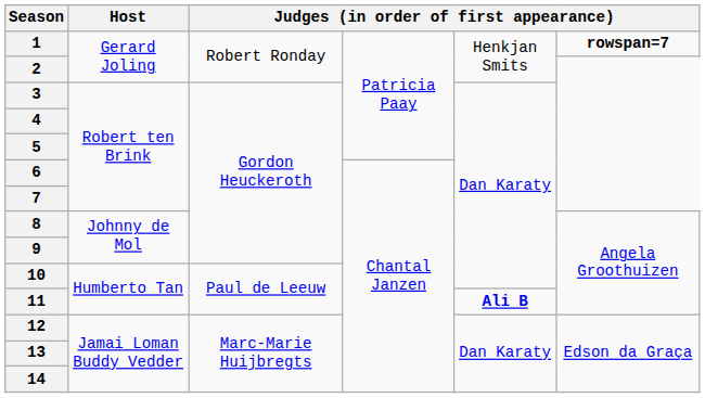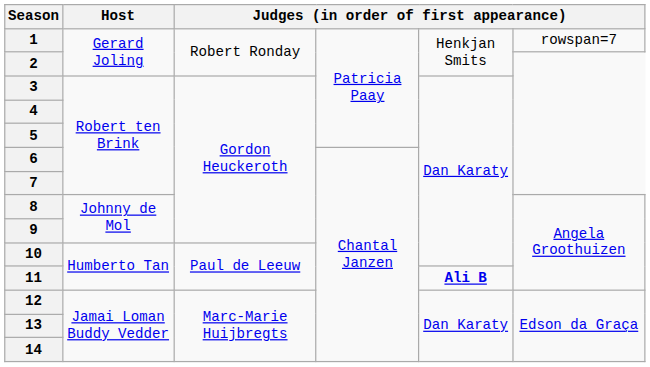 <table class="wikitable" style="margin-left: auto; margin-right: auto; border: none; text-align:center; font-size:90%; width: 60%;">
 <tr>
 <th>Season</th>
 <th>Host</th>
 <th colspan="4">Judges (in order of first appearance)</th>
 </tr>
 <tr>
 <th scope="row">1</th>
 <td rowspan="2"><a href='#'>Gerard Joling</a></td>
 <td rowspan="2">Robert Ronday</td>
 <td rowspan="5"><a href='#'>Patricia Paay</a></td>
 <td rowspan="2">Henkjan Smits</td>
-<td><strong>rowspan=7 </strong></td>
+<td>rowspan=7 </td>
 </tr>
 <tr>
 <th scope="row">2</th>
 </tr>
 <tr>
 <th scope="row">3</th>
 <td rowspan="5"><a href='#'>Robert ten Brink</a></td>
 <td rowspan="7"><a href='#'>Gordon Heuckeroth</a></td>
 <td rowspan="8"><a href='#'>Dan Karaty</a></td>
 </tr>
 <tr>
 <th scope="row">4</th>
 </tr>
 <tr>
 <th scope="row">5</th>
 </tr>
 <tr>
 <th scope="row">6</th>
 <td rowspan="9"><a href='#'>Chantal Janzen</a></td>
 </tr>
 <tr>
 <th scope="row">7</th>
 </tr>
 <tr>
 <th scope="row">8</th>
 <td rowspan="2"><a href='#'>Johnny de Mol</a></td>
 <td rowspan="4"><a href='#'>Angela Groothuizen</a></td>
 </tr>
 <tr>
 <th scope="row">9</th>
 </tr>
 <tr>
 <th scope="row">10</th>
 <td rowspan="2"><a href='#'>Humberto Tan</a></td>
 <td rowspan="2"><a href='#'>Paul de Leeuw</a></td>
 </tr>
 <tr>
 <th scope="row">11</th>
 <td rowspan="1"><strong><a href='#'>Ali B</a></strong></td>
 </tr>
 <tr>
 <th scope="row">12</th>
 <td rowspan="3"><a href='#'>Jamai Loman</a><br><a href='#'>Buddy Vedder</a></td>
 <td rowspan="3"><a href='#'>Marc-Marie Huijbregts</a></td>
 <td rowspan="3"><a href='#'>Dan Karaty</a></td>
 <td rowspan="3"><a href='#'>Edson da Graça</a></td>
 </tr>
 <tr>
 <th scope="row">13</th>
 </tr>
 <tr>
 <th>14</th>
 </tr>
 </table>
